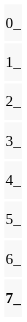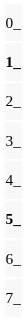 <table>
 <tr>
 <td style=background:#F8F8F8;height:22pt;font-size:small>0_</td>
 <td></td>
 <td></td>
 <td></td>
 <td></td>
 <td></td>
 <td></td>
 <td></td>
 <td></td>
 <td></td>
 <td></td>
 <td></td>
 <td></td>
 <td></td>
 <td></td>
 <td></td>
 <td></td>
 </tr>
 <tr>
-<td style=background:#F8F8F8;height:22pt;font-size:small>1_</td>
+<td style=background:#F8F8F8;height:22pt;font-size:small><strong>1_</strong></td>
 <td></td>
 <td></td>
 <td></td>
 <td></td>
 <td></td>
 <td></td>
 <td></td>
 <td></td>
 <td></td>
 <td></td>
 <td></td>
 <td></td>
 <td></td>
 <td></td>
 <td></td>
 <td></td>
 </tr>
 <tr>
 <td style=background:#F8F8F8;height:22pt;font-size:small>2_</td>
 <td></td>
 <td></td>
 <td></td>
 <td></td>
 <td></td>
 <td></td>
 <td></td>
 <td></td>
 <td></td>
 <td></td>
 <td></td>
 <td></td>
 <td></td>
 <td></td>
 <td></td>
 <td></td>
 </tr>
 <tr>
 <td style=background:#F8F8F8;height:22pt;font-size:small>3_</td>
 <td></td>
 <td></td>
 <td></td>
 <td></td>
 <td></td>
 <td></td>
 <td></td>
 <td></td>
 <td></td>
 <td></td>
 <td></td>
 <td></td>
 <td></td>
 <td></td>
 <td></td>
 <td></td>
 </tr>
 <tr>
 <td style=background:#F8F8F8;height:22pt;font-size:small>4_</td>
 <td></td>
 <td></td>
 <td></td>
 <td></td>
 <td></td>
 <td></td>
 <td></td>
 <td></td>
 <td></td>
 <td></td>
 <td></td>
 <td></td>
 <td></td>
 <td></td>
 <td></td>
 <td></td>
 </tr>
 <tr>
-<td style=background:#F8F8F8;height:22pt;font-size:small>5_</td>
+<td style=background:#F8F8F8;height:22pt;font-size:small><strong>5_</strong></td>
 <td></td>
 <td></td>
 <td></td>
 <td></td>
 <td></td>
 <td></td>
 <td></td>
 <td></td>
 <td></td>
 <td></td>
 <td></td>
 <td></td>
 <td></td>
 <td></td>
 <td></td>
 <td></td>
 </tr>
 <tr>
 <td style=background:#F8F8F8;height:22pt;font-size:small>6_</td>
 <td></td>
 <td></td>
 <td></td>
 <td></td>
 <td></td>
 <td></td>
 <td></td>
 <td></td>
 <td></td>
 <td></td>
 <td></td>
 <td></td>
 <td></td>
 <td></td>
 <td></td>
 <td></td>
 </tr>
 <tr>
-<td style=background:#F8F8F8;height:22pt;font-size:small><strong>7_</strong></td>
+<td style=background:#F8F8F8;height:22pt;font-size:small>7_</td>
 <td></td>
 <td></td>
 <td></td>
 <td></td>
 <td></td>
 <td></td>
 <td></td>
 <td></td>
 <td></td>
 <td></td>
 <td></td>
 <td></td>
 <td></td>
 <td></td>
 <td></td>
 <td></td>
 </tr>
 </table>
